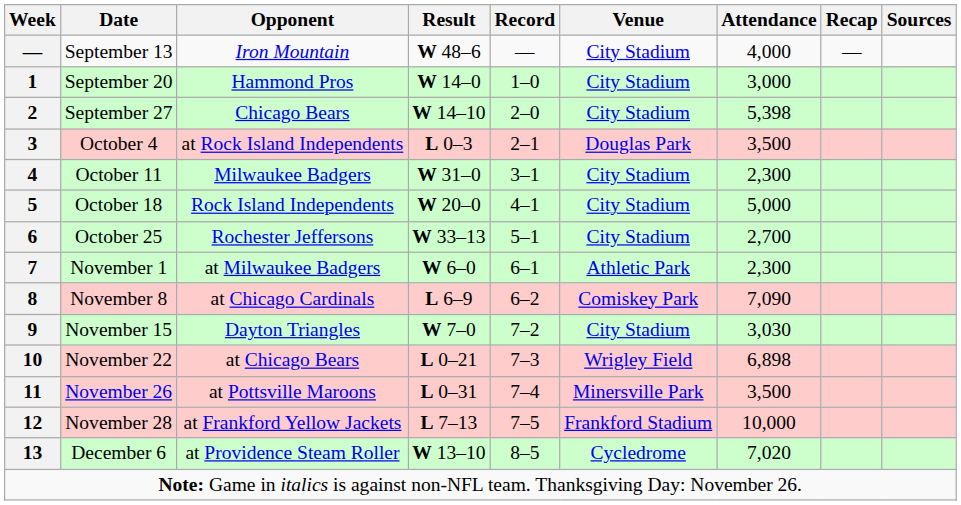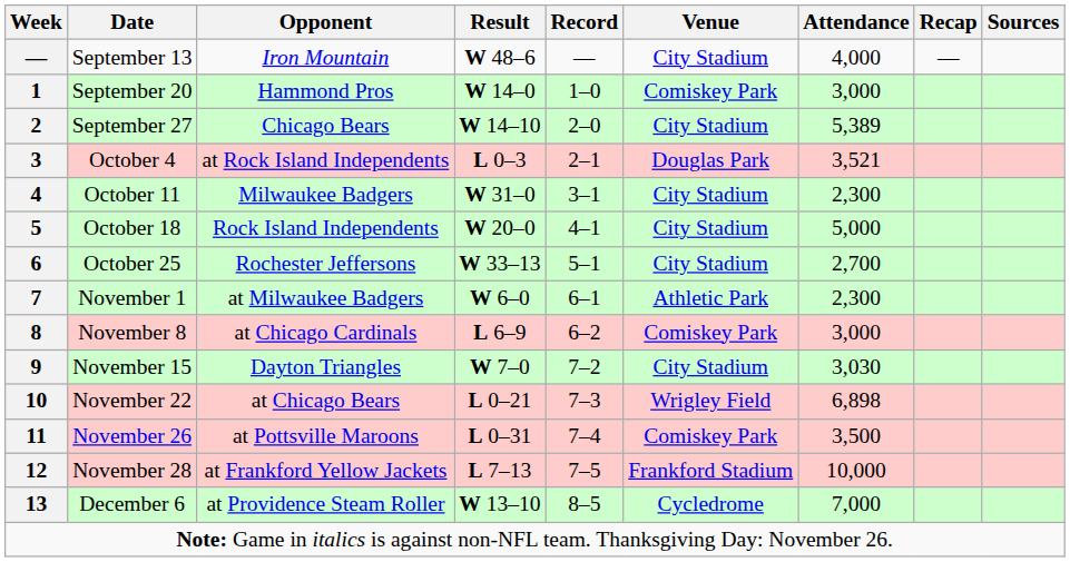 <table class="wikitable" style="text-align:center">
 <tr>
 <th>Week</th>
 <th>Date</th>
 <th>Opponent</th>
 <th>Result</th>
 <th>Record</th>
 <th>Venue</th>
 <th>Attendance</th>
 <th>Recap</th>
 <th>Sources</th>
 </tr>
 <tr>
 <th>—</th>
 <td>September 13</td>
 <td><em><a href='#'>Iron Mountain</a></em></td>
 <td><strong>W</strong> 48–6</td>
 <td>—</td>
 <td><a href='#'>City Stadium</a></td>
 <td>4,000</td>
 <td>—</td>
 <td></td>
 </tr>
 <tr style="background:#cfc">
 <th>1</th>
 <td>September 20</td>
 <td><a href='#'>Hammond Pros</a></td>
 <td><strong>W</strong> 14–0</td>
 <td>1–0</td>
-<td><a href='#'>City Stadium</a></td>
+<td><a href='#'>Comiskey Park</a></td>
 <td>3,000</td>
 <td></td>
 <td></td>
 </tr>
 <tr style="background:#cfc">
 <th>2</th>
 <td>September 27</td>
 <td><a href='#'>Chicago Bears</a></td>
 <td><strong>W</strong> 14–10</td>
 <td>2–0</td>
 <td><a href='#'>City Stadium</a></td>
-<td>5,398</td>
+<td>5,389</td>
 <td></td>
 <td></td>
 </tr>
 <tr style="background:#fcc">
 <th>3</th>
 <td>October 4</td>
 <td>at <a href='#'>Rock Island Independents</a></td>
 <td><strong>L</strong> 0–3</td>
 <td>2–1</td>
 <td><a href='#'>Douglas Park</a></td>
-<td>3,500 </td>
+<td>3,521 </td>
 <td></td>
 <td></td>
 </tr>
 <tr style="background:#cfc">
 <th>4</th>
 <td>October 11</td>
 <td><a href='#'>Milwaukee Badgers</a></td>
 <td><strong>W</strong> 31–0</td>
 <td>3–1</td>
 <td><a href='#'>City Stadium</a></td>
 <td>2,300</td>
 <td></td>
 <td></td>
 </tr>
 <tr style="background:#cfc">
 <th>5</th>
 <td>October 18</td>
 <td><a href='#'>Rock Island Independents</a></td>
 <td><strong>W</strong> 20–0</td>
 <td>4–1</td>
 <td><a href='#'>City Stadium</a></td>
 <td>5,000 </td>
 <td></td>
 <td></td>
 </tr>
 <tr style="background:#cfc">
 <th>6</th>
 <td>October 25</td>
 <td><a href='#'>Rochester Jeffersons</a></td>
 <td><strong>W</strong> 33–13</td>
 <td>5–1</td>
 <td><a href='#'>City Stadium</a></td>
 <td>2,700</td>
 <td></td>
 <td></td>
 </tr>
 <tr style="background:#cfc">
 <th>7</th>
 <td>November 1</td>
 <td>at <a href='#'>Milwaukee Badgers</a></td>
 <td><strong>W</strong> 6–0</td>
 <td>6–1</td>
 <td><a href='#'>Athletic Park</a></td>
 <td>2,300</td>
 <td></td>
 <td></td>
 </tr>
 <tr style="background:#fcc">
 <th>8</th>
 <td>November 8</td>
 <td>at <a href='#'>Chicago Cardinals</a></td>
 <td><strong>L</strong> 6–9</td>
 <td>6–2</td>
 <td><a href='#'>Comiskey Park</a></td>
-<td>7,090</td>
+<td>3,000</td>
 <td></td>
 <td></td>
 </tr>
 <tr style="background:#cfc">
 <th>9</th>
 <td>November 15</td>
 <td><a href='#'>Dayton Triangles</a></td>
 <td><strong>W</strong> 7–0</td>
 <td>7–2</td>
 <td><a href='#'>City Stadium</a></td>
 <td>3,030</td>
 <td></td>
 <td></td>
 </tr>
 <tr style="background:#fcc">
 <th>10</th>
 <td>November 22</td>
 <td>at <a href='#'>Chicago Bears</a></td>
 <td><strong>L</strong> 0–21</td>
 <td>7–3</td>
 <td><a href='#'>Wrigley Field</a></td>
 <td>6,898</td>
 <td></td>
 <td></td>
 </tr>
 <tr style="background:#fcc">
 <th>11</th>
 <td><a href='#'>November 26</a></td>
 <td>at <a href='#'>Pottsville Maroons</a></td>
 <td><strong>L</strong> 0–31</td>
 <td>7–4</td>
-<td><a href='#'>Minersville Park</a></td>
+<td><a href='#'>Comiskey Park</a></td>
 <td>3,500</td>
 <td></td>
 <td></td>
 </tr>
 <tr style="background:#fcc">
 <th>12</th>
 <td>November 28</td>
 <td>at <a href='#'>Frankford Yellow Jackets</a></td>
 <td><strong>L</strong> 7–13</td>
 <td>7–5</td>
 <td><a href='#'>Frankford Stadium</a></td>
 <td>10,000</td>
 <td></td>
 <td></td>
 </tr>
 <tr style="background:#cfc">
 <th>13</th>
 <td>December 6</td>
 <td>at <a href='#'>Providence Steam Roller</a></td>
 <td><strong>W</strong> 13–10</td>
 <td>8–5</td>
 <td><a href='#'>Cycledrome</a></td>
-<td>7,020</td>
+<td>7,000</td>
 <td></td>
 <td></td>
 </tr>
 <tr>
 <td colspan="10"><strong>Note:</strong> Game in <em>italics</em> is against non-NFL team. Thanksgiving Day: November 26.</td>
 </tr>
 </table>
